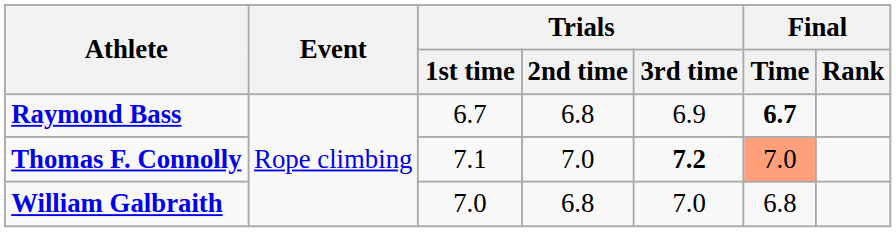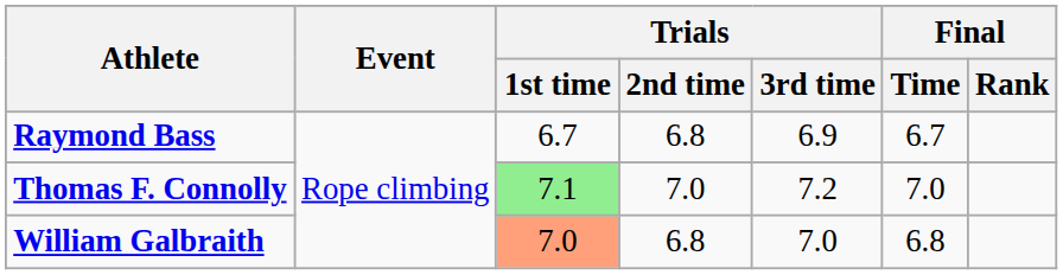 <table class="wikitable" style="font-size:90%">
 <tr>
 <th rowspan=2>Athlete</th>
 <th rowspan=2>Event</th>
 <th colspan=3>Trials</th>
 <th colspan=2>Final</th>
 </tr>
 <tr>
 <th>1st time</th>
 <th>2nd time</th>
 <th>3rd time</th>
 <th>Time</th>
 <th>Rank</th>
 </tr>
 <tr align=center>
 <td align=left><strong><a href='#'>Raymond Bass</a></strong></td>
 <td align=left rowspan=3><a href='#'>Rope climbing</a></td>
 <td>6.7</td>
 <td>6.8</td>
 <td>6.9</td>
-<td><strong>6.7</strong></td>
+<td>6.7</td>
 <td></td>
 </tr>
 <tr align=center>
 <td align=left><strong><a href='#'>Thomas F. Connolly</a></strong></td>
-<td>7.1</td>
+<td style="background: lightgreen;">7.1</td>
 <td>7.0</td>
-<td><strong>7.2</strong></td>
-<td style="background: lightsalmon;">7.0</td>
+<td>7.2</td>
+<td>7.0</td>
 <td></td>
 </tr>
 <tr align=center>
 <td align=left><strong><a href='#'>William Galbraith</a></strong></td>
-<td>7.0</td>
+<td style="background: lightsalmon;">7.0</td>
 <td>6.8</td>
 <td>7.0</td>
 <td>6.8</td>
 <td></td>
 </tr>
 </table>
